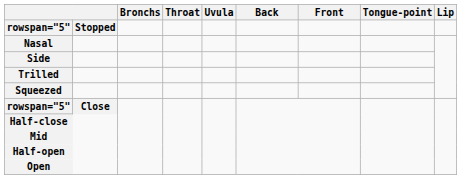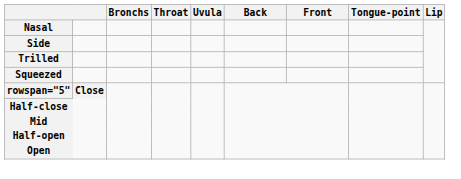 <table class="wikitable nowrap" style="text-align: center;">
 <tr>
 <th colspan="2"></th>
 <th>Bronchs</th>
 <th>Throat</th>
 <th>Uvula</th>
 <th style="min-width: 6em; max-width: 6em;">Back</th>
 <th style="min-width: 6em; max-width: 6em;">Front</th>
 <th>Tongue-point</th>
 <th>Lip</th>
-</tr>
-<tr>
-<th>rowspan="5" </th>
-<th>Stopped</th>
-<td></td>
-<td></td>
-<td></td>
-<td></td>
-<td></td>
-<td></td>
-<td></td>
 </tr>
 <tr>
 <th>Nasal</th>
 <td></td>
 <td></td>
 <td></td>
 <td></td>
 <td></td>
 <td></td>
 <td></td>
 </tr>
 <tr>
 <th>Side</th>
 <td></td>
 <td></td>
 <td></td>
 <td></td>
 <td></td>
 <td></td>
 <td></td>
 </tr>
 <tr>
 <th>Trilled</th>
 <td></td>
 <td></td>
 <td></td>
 <td></td>
 <td></td>
 <td></td>
 <td></td>
 </tr>
 <tr>
 <th>Squeezed</th>
 <td></td>
 <td></td>
 <td></td>
 <td></td>
 <td></td>
 <td></td>
 <td><div></div><div></div><br><div></div></td>
 </tr>
 <tr>
 <th>rowspan="5" </th>
 <th style="border: none;">Close</th>
 <td rowspan="5"></td>
 <td rowspan="5"></td>
 <td rowspan="5"></td>
 <td colspan="2" rowspan="5" class="wrap"><div></div><br><div><span> </span><span> </span><span> </span></div> <div></div> <div></div> <div></div> <div><span> </span></div> <div></div></td>
 <td rowspan="5"></td>
 <td rowspan="5" style="text-align: right; vertical-align: top;"><div></div><br><div></div> <div></div> <div> </div> <div></div></td>
 </tr>
 <tr>
 <th style="border: none;">Half-close</th>
 </tr>
 <tr>
 <th style="border: none;">Mid</th>
 </tr>
 <tr>
 <th style="border: none;">Half-open</th>
 </tr>
 <tr>
 <th style="border: none;">Open</th>
 </tr>
 </table>
